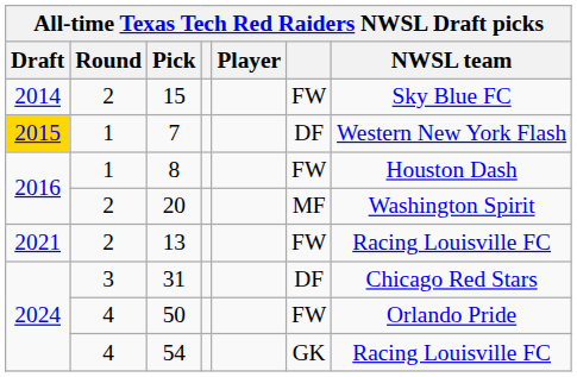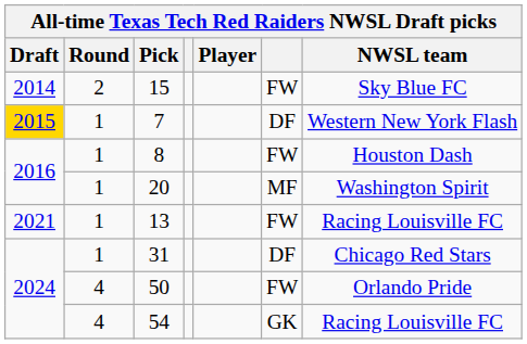 <table class="wikitable sortable" style="text-align: center;">
 <tr>
 <th colspan="7" style="background:#">All-time <a href='#'><span>Texas Tech Red Raiders</span></a> NWSL Draft picks</th>
 </tr>
 <tr>
 <th scope="col">Draft</th>
 <th scope="col">Round</th>
 <th scope="col">Pick</th>
 <th scope="col"></th>
 <th scope="col">Player</th>
 <th scope="col"></th>
 <th scope="col">NWSL team</th>
 </tr>
 <tr>
 <td><a href='#'>2014</a></td>
 <td>2</td>
 <td>15</td>
 <td></td>
 <td></td>
 <td>FW</td>
 <td><a href='#'>Sky Blue FC</a></td>
 </tr>
 <tr>
 <td style="background: gold;"><a href='#'>2015</a></td>
 <td>1</td>
 <td>7</td>
 <td></td>
 <td></td>
 <td>DF</td>
 <td><a href='#'>Western New York Flash</a></td>
 </tr>
 <tr>
 <td rowspan="2"><a href='#'>2016</a></td>
 <td>1</td>
 <td>8</td>
 <td></td>
 <td></td>
 <td>FW</td>
 <td><a href='#'>Houston Dash</a></td>
 </tr>
 <tr>
-<td>2</td>
+<td>1</td>
 <td>20</td>
 <td></td>
 <td></td>
 <td>MF</td>
 <td><a href='#'>Washington Spirit</a></td>
 </tr>
 <tr>
 <td><a href='#'>2021</a></td>
-<td>2</td>
+<td>1</td>
 <td>13</td>
 <td></td>
 <td></td>
 <td>FW</td>
 <td><a href='#'>Racing Louisville FC</a></td>
 </tr>
 <tr>
 <td rowspan="3"><a href='#'>2024</a></td>
-<td>3</td>
+<td>1</td>
 <td>31</td>
 <td></td>
 <td></td>
 <td>DF</td>
 <td><a href='#'>Chicago Red Stars</a></td>
 </tr>
 <tr>
 <td>4</td>
 <td>50</td>
 <td></td>
 <td></td>
 <td>FW</td>
 <td><a href='#'>Orlando Pride</a></td>
 </tr>
 <tr>
 <td>4</td>
 <td>54</td>
 <td></td>
 <td></td>
 <td>GK</td>
 <td><a href='#'>Racing Louisville FC</a></td>
 </tr>
 </table>
